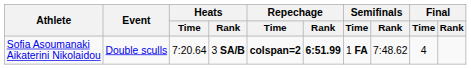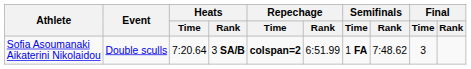 <table class="wikitable" style="font-size:90%">
 <tr>
 <th rowspan="2">Athlete</th>
 <th rowspan="2">Event</th>
 <th colspan="2">Heats</th>
 <th colspan="2">Repechage</th>
 <th colspan="2">Semifinals</th>
 <th colspan="2">Final</th>
 </tr>
 <tr style="font-size:95%">
 <th>Time</th>
 <th>Rank</th>
 <th>Time</th>
 <th>Rank</th>
 <th>Time</th>
 <th>Rank</th>
 <th>Time</th>
 <th>Rank</th>
 </tr>
 <tr align=center>
 <td align=left><a href='#'>Sofia Asoumanaki</a><br><a href='#'>Aikaterini Nikolaidou</a></td>
 <td align=left><a href='#'>Double sculls</a></td>
 <td>7:20.64</td>
 <td>3 <strong>SA/B</strong></td>
 <td><strong>colspan=2 </strong></td>
-<td><strong>6:51.99</strong></td>
+<td>6:51.99</td>
 <td>1 <strong>FA</strong></td>
 <td>7:48.62</td>
-<td>4</td>
+<td>3</td>
 </tr>
 </table>
